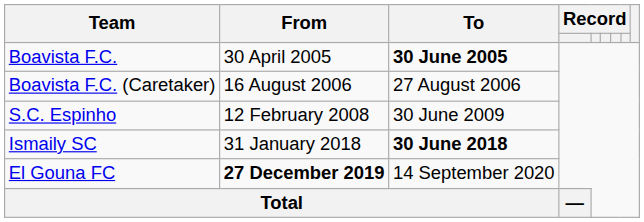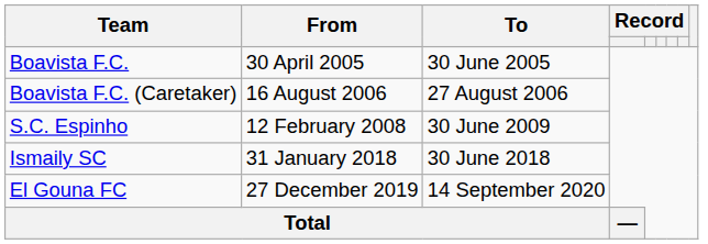 <table class=wikitable style=text-align:center>
 <tr>
 <th rowspan=2>Team</th>
 <th rowspan=2>From</th>
 <th rowspan=2>To</th>
 <th colspan=5>Record</th>
 <th rowspan=2></th>
 </tr>
 <tr>
 <th></th>
 <th></th>
 <th></th>
 <th></th>
 <th></th>
 </tr>
 <tr>
 <td align=left><a href='#'>Boavista F.C.</a></td>
 <td align=left>30 April 2005</td>
-<td align=left><strong>30 June 2005<br></strong></td>
+<td align=left>30 June 2005<br></td>
 </tr>
 <tr>
 <td align=left><a href='#'>Boavista F.C.</a> (Caretaker)</td>
 <td align=left>16 August 2006</td>
 <td align=left>27 August 2006<br></td>
 </tr>
 <tr>
 <td align=left><a href='#'>S.C. Espinho</a></td>
 <td align=left>12 February 2008</td>
 <td align=left>30 June 2009<br></td>
 </tr>
 <tr>
 <td align=left><a href='#'>Ismaily SC</a></td>
 <td align=left>31 January 2018</td>
-<td align=left><strong>30 June 2018<br></strong></td>
+<td align=left>30 June 2018<br></td>
 </tr>
 <tr>
 <td align=left><a href='#'>El Gouna FC</a></td>
-<td align=left><strong>27 December 2019</strong></td>
+<td align=left>27 December 2019</td>
 <td align=left>14 September 2020<br></td>
 </tr>
 <tr>
 <th colspan=3>Total<br></th>
 <th>—</th>
 </tr>
 </table>
